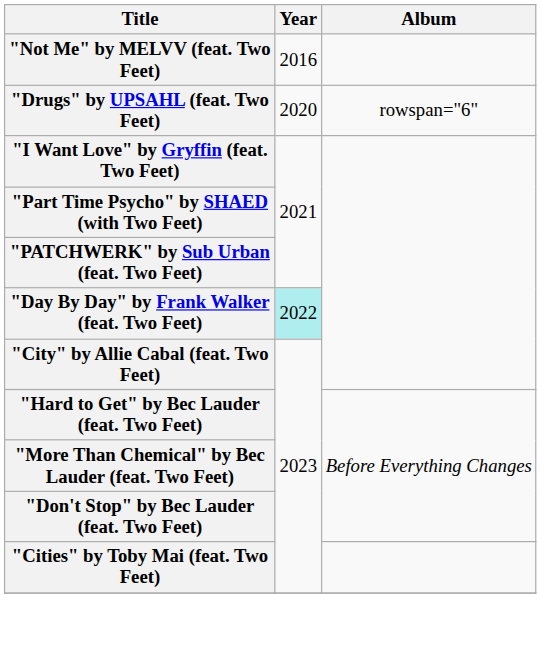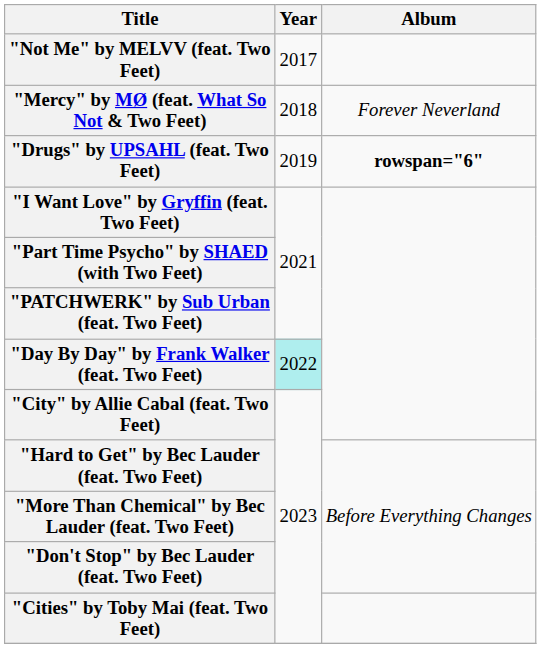 <table class="wikitable plainrowheaders" style="text-align:center;">
 <tr>
 <th scope="col" style="width:14em;">Title</th>
 <th scope="col">Year</th>
 <th scope="col">Album</th>
 </tr>
 <tr>
 <th scope="row">"Not Me" by MELVV (feat. Two Feet)</th>
-<td>2016</td>
+<td>2017</td>
 <td></td>
 </tr>
 <tr>
+<th scope="row">"Mercy" by <a href='#'>MØ</a> (feat. <a href='#'>What So Not</a> & Two Feet)</th>
+<td>2018</td>
+<td><em>Forever Neverland</em></td>
+</tr>
+<tr>
 <th scope="row">"Drugs" by <a href='#'>UPSAHL</a> (feat. Two Feet)</th>
-<td>2020</td>
-<td>rowspan="6" </td>
+<td>2019</td>
+<td><strong>rowspan="6" </strong></td>
 </tr>
 <tr>
 <th scope="row">"I Want Love" by <a href='#'>Gryffin</a> (feat. Two Feet)</th>
 <td rowspan="3">2021</td>
 </tr>
 <tr>
 <th scope="row">"Part Time Psycho" by <a href='#'>SHAED</a> (with Two Feet)</th>
 </tr>
 <tr>
 <th scope="row">"PATCHWERK" by <a href='#'>Sub Urban</a> (feat. Two Feet)</th>
 </tr>
 <tr>
 <th scope="row">"Day By Day" by <a href='#'>Frank Walker</a> (feat. Two Feet)</th>
 <td style="background: paleturquoise;">2022</td>
 </tr>
 <tr>
 <th scope="row">"City" by Allie Cabal (feat. Two Feet)</th>
 <td rowspan="5">2023</td>
 </tr>
 <tr>
 <th scope="row">"Hard to Get" by Bec Lauder (feat. Two Feet)</th>
 <td rowspan="3"><em>Before Everything Changes</em></td>
 </tr>
 <tr>
 <th scope="row">"More Than Chemical" by Bec Lauder (feat. Two Feet)</th>
 </tr>
 <tr>
 <th scope="row">"Don't Stop" by Bec Lauder (feat. Two Feet)</th>
 </tr>
 <tr>
 <th scope="row">"Cities" by Toby Mai (feat. Two Feet)</th>
 <td></td>
 </tr>
 <tr>
 </tr>
 </table>
